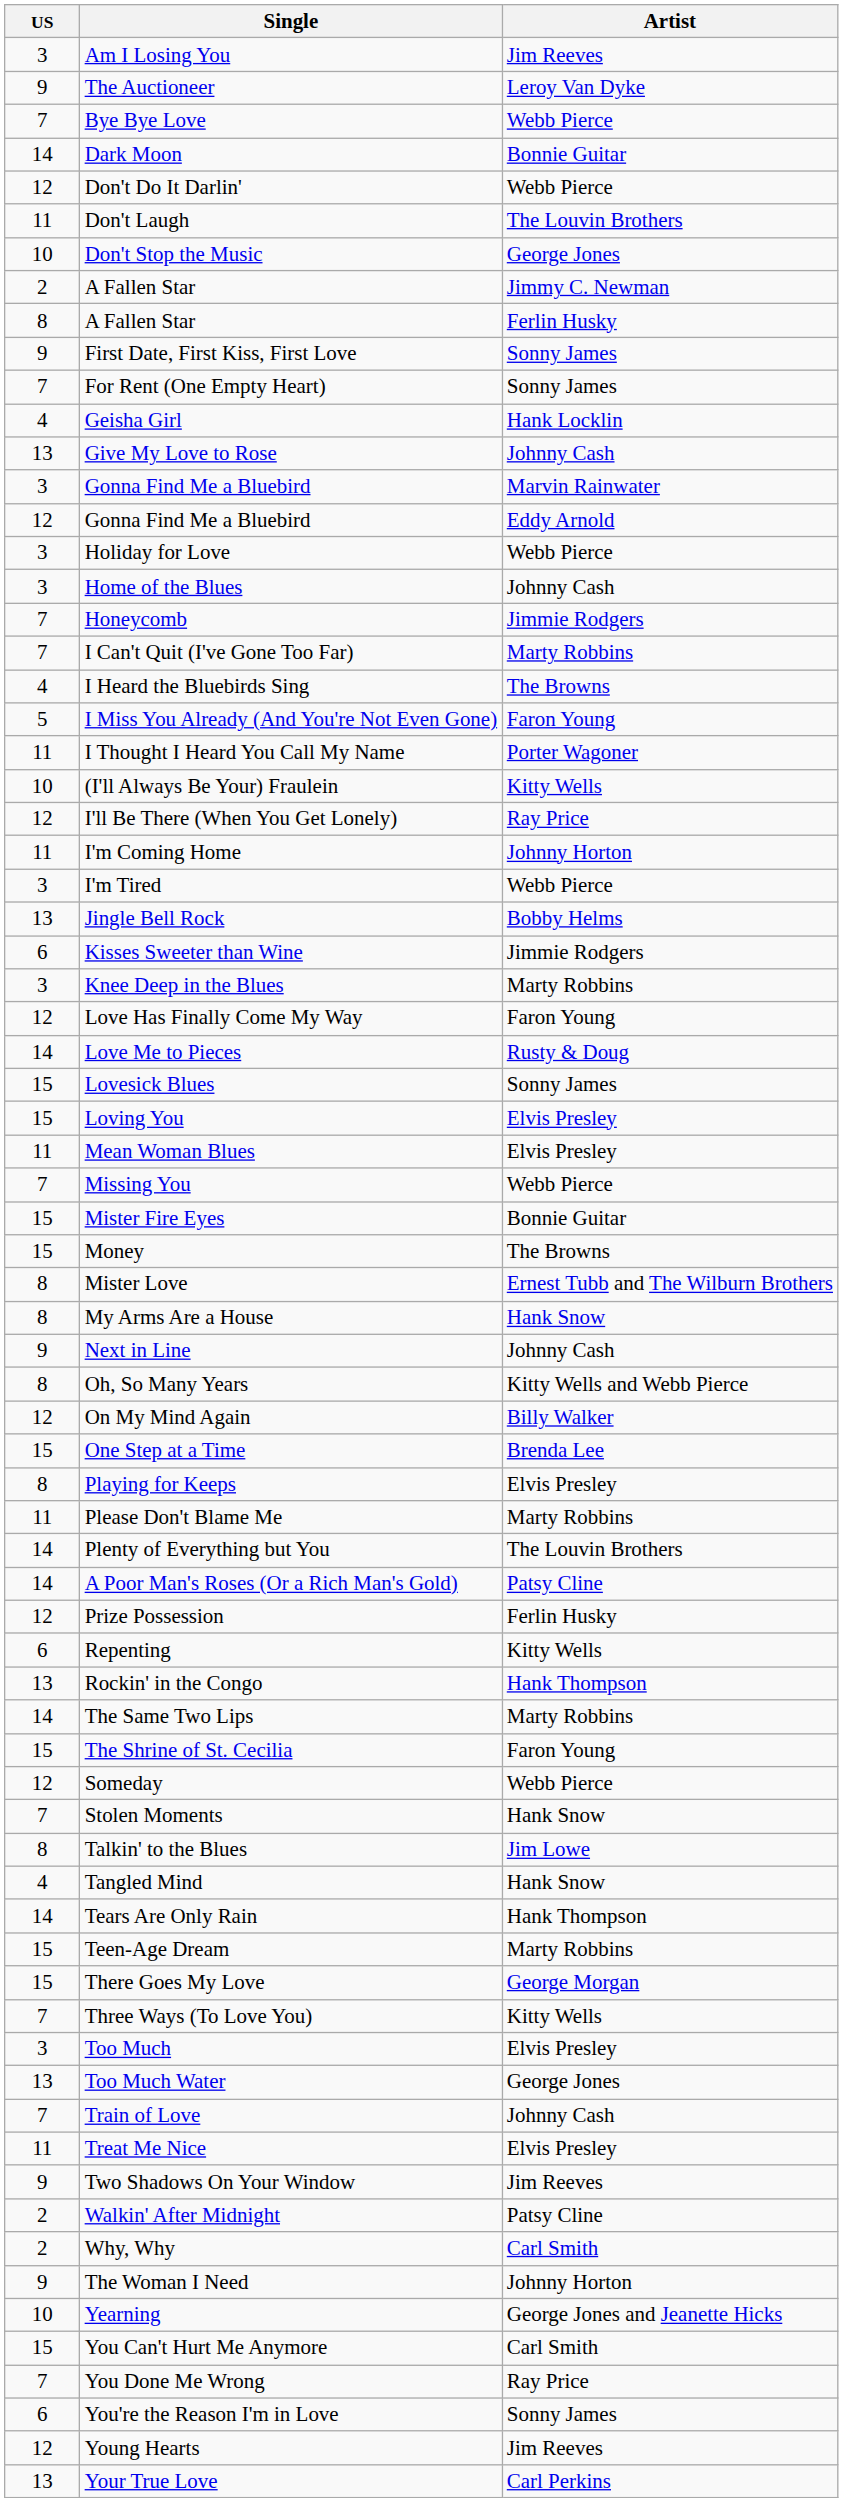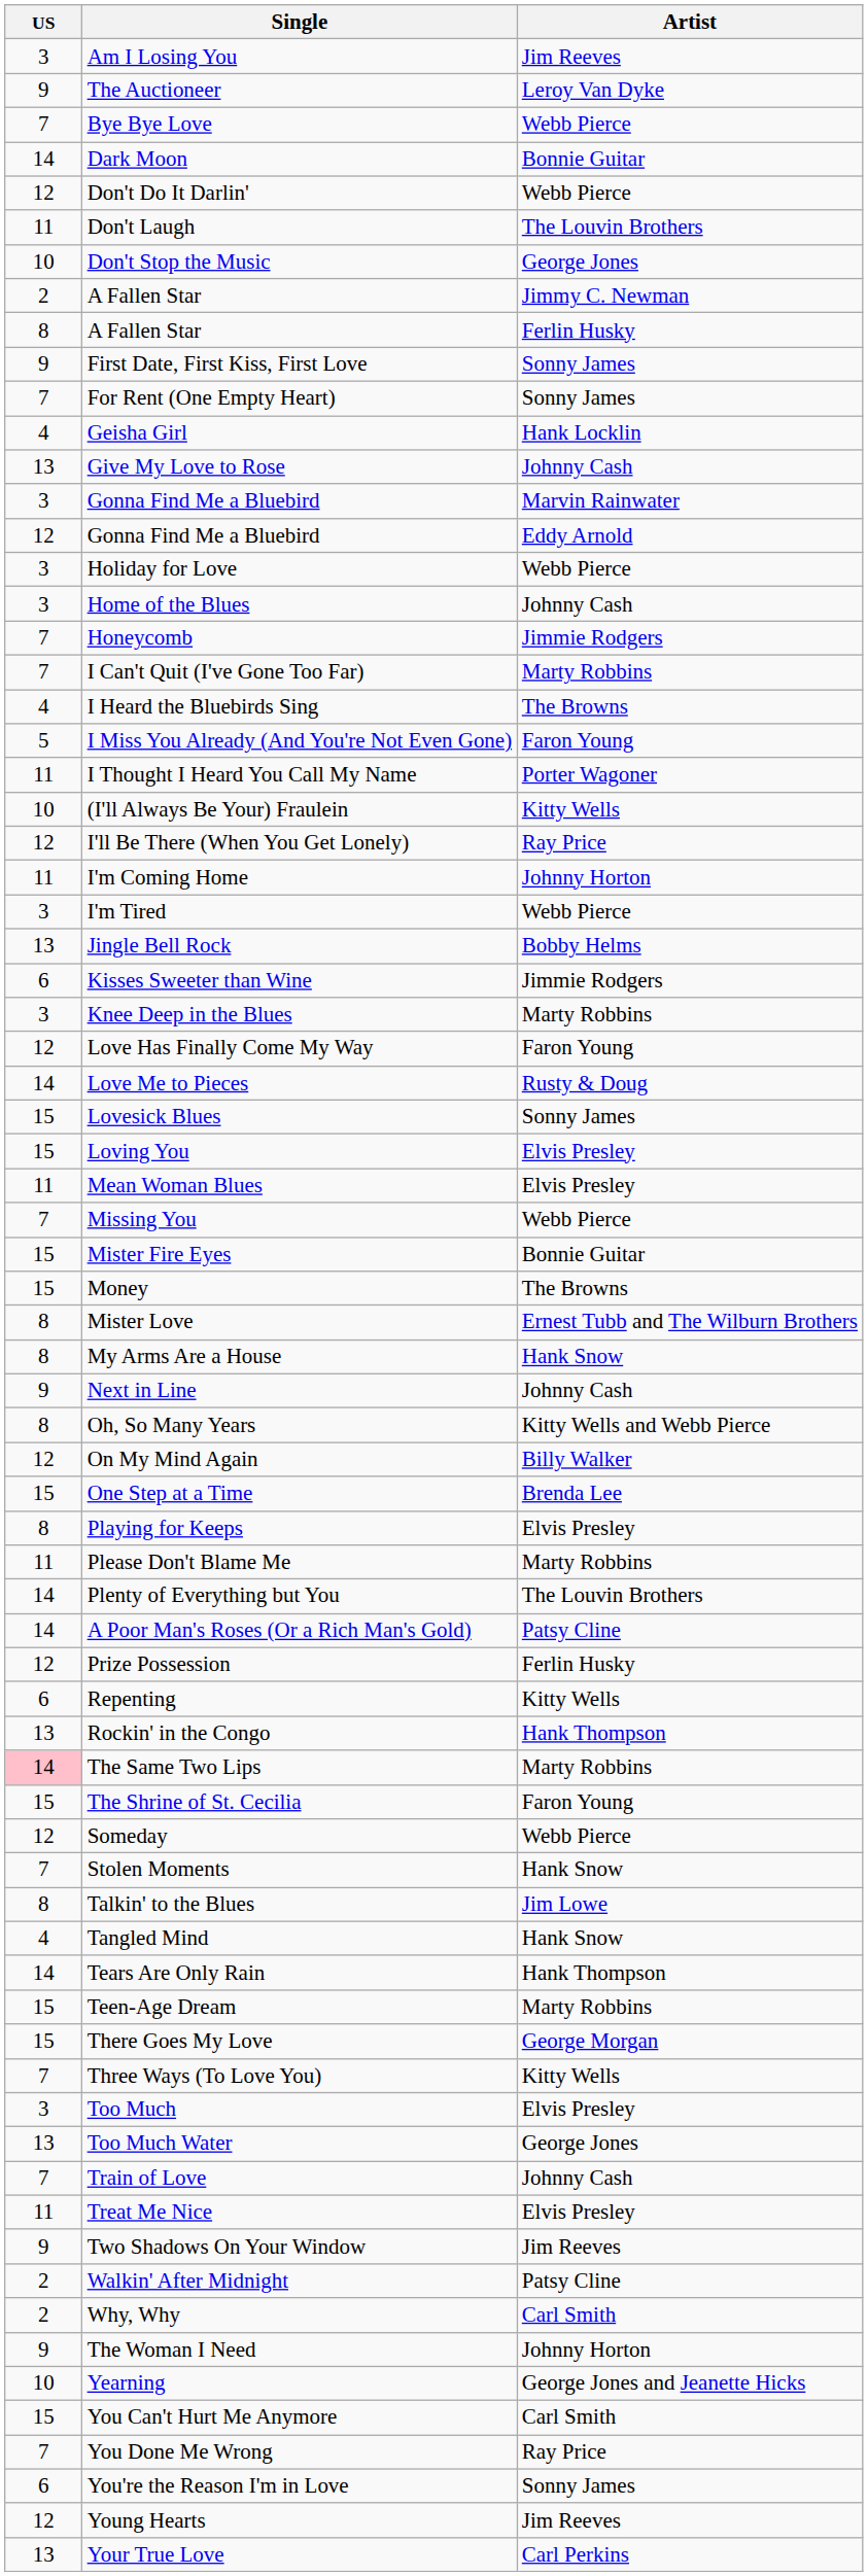 <table class="wikitable sortable">
 <tr>
 <th width="50"><small>US</small></th>
 <th>Single</th>
 <th>Artist</th>
 </tr>
 <tr>
 <td align="center">3</td>
 <td><a href='#'>Am I Losing You</a></td>
 <td><a href='#'>Jim Reeves</a></td>
 </tr>
 <tr>
 <td align="center">9</td>
 <td><a href='#'>The Auctioneer</a></td>
 <td><a href='#'>Leroy Van Dyke</a></td>
 </tr>
 <tr>
 <td align="center">7</td>
 <td><a href='#'>Bye Bye Love</a></td>
 <td><a href='#'>Webb Pierce</a></td>
 </tr>
 <tr>
 <td align="center">14</td>
 <td><a href='#'>Dark Moon</a></td>
 <td><a href='#'>Bonnie Guitar</a></td>
 </tr>
 <tr>
 <td align="center">12</td>
 <td>Don't Do It Darlin'</td>
 <td>Webb Pierce</td>
 </tr>
 <tr>
 <td align="center">11</td>
 <td>Don't Laugh</td>
 <td><a href='#'>The Louvin Brothers</a></td>
 </tr>
 <tr>
 <td align="center">10</td>
 <td><a href='#'>Don't Stop the Music</a></td>
 <td><a href='#'>George Jones</a></td>
 </tr>
 <tr>
 <td align="center">2</td>
 <td>A Fallen Star</td>
 <td><a href='#'>Jimmy C. Newman</a></td>
 </tr>
 <tr>
 <td align="center">8</td>
 <td>A Fallen Star</td>
 <td><a href='#'>Ferlin Husky</a></td>
 </tr>
 <tr>
 <td align="center">9</td>
 <td>First Date, First Kiss, First Love</td>
 <td><a href='#'>Sonny James</a></td>
 </tr>
 <tr>
 <td align="center">7</td>
 <td>For Rent (One Empty Heart)</td>
 <td>Sonny James</td>
 </tr>
 <tr>
 <td align="center">4</td>
 <td><a href='#'>Geisha Girl</a></td>
 <td><a href='#'>Hank Locklin</a></td>
 </tr>
 <tr>
 <td align="center">13</td>
 <td><a href='#'>Give My Love to Rose</a></td>
 <td><a href='#'>Johnny Cash</a></td>
 </tr>
 <tr>
 <td align="center">3</td>
 <td><a href='#'>Gonna Find Me a Bluebird</a></td>
 <td><a href='#'>Marvin Rainwater</a></td>
 </tr>
 <tr>
 <td align="center">12</td>
 <td>Gonna Find Me a Bluebird</td>
 <td><a href='#'>Eddy Arnold</a></td>
 </tr>
 <tr>
 <td align="center">3</td>
 <td>Holiday for Love</td>
 <td>Webb Pierce</td>
 </tr>
 <tr>
 <td align="center">3</td>
 <td><a href='#'>Home of the Blues</a></td>
 <td>Johnny Cash</td>
 </tr>
 <tr>
 <td align="center">7</td>
 <td><a href='#'>Honeycomb</a></td>
 <td><a href='#'>Jimmie Rodgers</a></td>
 </tr>
 <tr>
 <td align="center">7</td>
 <td>I Can't Quit (I've Gone Too Far)</td>
 <td><a href='#'>Marty Robbins</a></td>
 </tr>
 <tr>
 <td align="center">4</td>
 <td>I Heard the Bluebirds Sing</td>
 <td><a href='#'>The Browns</a></td>
 </tr>
 <tr>
 <td align="center">5</td>
 <td><a href='#'>I Miss You Already (And You're Not Even Gone)</a></td>
 <td><a href='#'>Faron Young</a></td>
 </tr>
 <tr>
 <td align="center">11</td>
 <td>I Thought I Heard You Call My Name</td>
 <td><a href='#'>Porter Wagoner</a></td>
 </tr>
 <tr>
 <td align="center">10</td>
 <td>(I'll Always Be Your) Fraulein</td>
 <td><a href='#'>Kitty Wells</a></td>
 </tr>
 <tr>
 <td align="center">12</td>
 <td>I'll Be There (When You Get Lonely)</td>
 <td><a href='#'>Ray Price</a></td>
 </tr>
 <tr>
 <td align="center">11</td>
 <td>I'm Coming Home</td>
 <td><a href='#'>Johnny Horton</a></td>
 </tr>
 <tr>
 <td align="center">3</td>
 <td>I'm Tired</td>
 <td>Webb Pierce</td>
 </tr>
 <tr>
 <td align="center">13</td>
 <td><a href='#'>Jingle Bell Rock</a></td>
 <td><a href='#'>Bobby Helms</a></td>
 </tr>
 <tr>
 <td align="center">6</td>
 <td><a href='#'>Kisses Sweeter than Wine</a></td>
 <td>Jimmie Rodgers</td>
 </tr>
 <tr>
 <td align="center">3</td>
 <td><a href='#'>Knee Deep in the Blues</a></td>
 <td>Marty Robbins</td>
 </tr>
 <tr>
 <td align="center">12</td>
 <td>Love Has Finally Come My Way</td>
 <td>Faron Young</td>
 </tr>
 <tr>
 <td align="center">14</td>
 <td><a href='#'>Love Me to Pieces</a></td>
 <td><a href='#'>Rusty & Doug</a></td>
 </tr>
 <tr>
 <td align="center">15</td>
 <td><a href='#'>Lovesick Blues</a></td>
 <td>Sonny James</td>
 </tr>
 <tr>
 <td align="center">15</td>
 <td><a href='#'>Loving You</a></td>
 <td><a href='#'>Elvis Presley</a></td>
 </tr>
 <tr>
 <td align="center">11</td>
 <td><a href='#'>Mean Woman Blues</a></td>
 <td>Elvis Presley</td>
 </tr>
 <tr>
 <td align="center">7</td>
 <td><a href='#'>Missing You</a></td>
 <td>Webb Pierce</td>
 </tr>
 <tr>
 <td align="center">15</td>
 <td><a href='#'>Mister Fire Eyes</a></td>
 <td>Bonnie Guitar</td>
 </tr>
 <tr>
 <td align="center">15</td>
 <td>Money</td>
 <td>The Browns</td>
 </tr>
 <tr>
 <td align="center">8</td>
 <td>Mister Love</td>
 <td><a href='#'>Ernest Tubb</a> and <a href='#'>The Wilburn Brothers</a></td>
 </tr>
 <tr>
 <td align="center">8</td>
 <td>My Arms Are a House</td>
 <td><a href='#'>Hank Snow</a></td>
 </tr>
 <tr>
 <td align="center">9</td>
 <td><a href='#'>Next in Line</a></td>
 <td>Johnny Cash</td>
 </tr>
 <tr>
 <td align="center">8</td>
 <td>Oh, So Many Years</td>
 <td>Kitty Wells and Webb Pierce</td>
 </tr>
 <tr>
 <td align="center">12</td>
 <td>On My Mind Again</td>
 <td><a href='#'>Billy Walker</a></td>
 </tr>
 <tr>
 <td align="center">15</td>
 <td><a href='#'>One Step at a Time</a></td>
 <td><a href='#'>Brenda Lee</a></td>
 </tr>
 <tr>
 <td align="center">8</td>
 <td><a href='#'>Playing for Keeps</a></td>
 <td>Elvis Presley</td>
 </tr>
 <tr>
 <td align="center">11</td>
 <td>Please Don't Blame Me</td>
 <td>Marty Robbins</td>
 </tr>
 <tr>
 <td align="center">14</td>
 <td>Plenty of Everything but You</td>
 <td>The Louvin Brothers</td>
 </tr>
 <tr>
 <td align="center">14</td>
 <td><a href='#'>A Poor Man's Roses (Or a Rich Man's Gold)</a></td>
 <td><a href='#'>Patsy Cline</a></td>
 </tr>
 <tr>
 <td align="center">12</td>
 <td>Prize Possession</td>
 <td>Ferlin Husky</td>
 </tr>
 <tr>
 <td align="center">6</td>
 <td>Repenting</td>
 <td>Kitty Wells</td>
 </tr>
 <tr>
 <td align="center">13</td>
 <td>Rockin' in the Congo</td>
 <td><a href='#'>Hank Thompson</a></td>
 </tr>
 <tr>
-<td align="center">14</td>
+<td align="center" style="background: pink;">14</td>
 <td>The Same Two Lips</td>
 <td>Marty Robbins</td>
 </tr>
 <tr>
 <td align="center">15</td>
 <td><a href='#'>The Shrine of St. Cecilia</a></td>
 <td>Faron Young</td>
 </tr>
 <tr>
 <td align="center">12</td>
 <td>Someday</td>
 <td>Webb Pierce</td>
 </tr>
 <tr>
 <td align="center">7</td>
 <td>Stolen Moments</td>
 <td>Hank Snow</td>
 </tr>
 <tr>
 <td align="center">8</td>
 <td>Talkin' to the Blues</td>
 <td><a href='#'>Jim Lowe</a></td>
 </tr>
 <tr>
 <td align="center">4</td>
 <td>Tangled Mind</td>
 <td>Hank Snow</td>
 </tr>
 <tr>
 <td align="center">14</td>
 <td>Tears Are Only Rain</td>
 <td>Hank Thompson</td>
 </tr>
 <tr>
 <td align="center">15</td>
 <td>Teen-Age Dream</td>
 <td>Marty Robbins</td>
 </tr>
 <tr>
 <td align="center">15</td>
 <td>There Goes My Love</td>
 <td><a href='#'>George Morgan</a></td>
 </tr>
 <tr>
 <td align="center">7</td>
 <td>Three Ways (To Love You)</td>
 <td>Kitty Wells</td>
 </tr>
 <tr>
 <td align="center">3</td>
 <td><a href='#'>Too Much</a></td>
 <td>Elvis Presley</td>
 </tr>
 <tr>
 <td align="center">13</td>
 <td><a href='#'>Too Much Water</a></td>
 <td>George Jones</td>
 </tr>
 <tr>
 <td align="center">7</td>
 <td><a href='#'>Train of Love</a></td>
 <td>Johnny Cash</td>
 </tr>
 <tr>
 <td align="center">11</td>
 <td><a href='#'>Treat Me Nice</a></td>
 <td>Elvis Presley</td>
 </tr>
 <tr>
 <td align="center">9</td>
 <td>Two Shadows On Your Window</td>
 <td>Jim Reeves</td>
 </tr>
 <tr>
 <td align="center">2</td>
 <td><a href='#'>Walkin' After Midnight</a></td>
 <td>Patsy Cline</td>
 </tr>
 <tr>
 <td align="center">2</td>
 <td>Why, Why</td>
 <td><a href='#'>Carl Smith</a></td>
 </tr>
 <tr>
 <td align="center">9</td>
 <td>The Woman I Need</td>
 <td>Johnny Horton</td>
 </tr>
 <tr>
 <td align="center">10</td>
 <td><a href='#'>Yearning</a></td>
 <td>George Jones and <a href='#'>Jeanette Hicks</a></td>
 </tr>
 <tr>
 <td align="center">15</td>
 <td>You Can't Hurt Me Anymore</td>
 <td>Carl Smith</td>
 </tr>
 <tr>
 <td align="center">7</td>
 <td>You Done Me Wrong</td>
 <td>Ray Price</td>
 </tr>
 <tr>
 <td align="center">6</td>
 <td>You're the Reason I'm in Love</td>
 <td>Sonny James</td>
 </tr>
 <tr>
 <td align="center">12</td>
 <td>Young Hearts</td>
 <td>Jim Reeves</td>
 </tr>
 <tr>
 <td align="center">13</td>
 <td><a href='#'>Your True Love</a></td>
 <td><a href='#'>Carl Perkins</a></td>
 </tr>
 </table>
